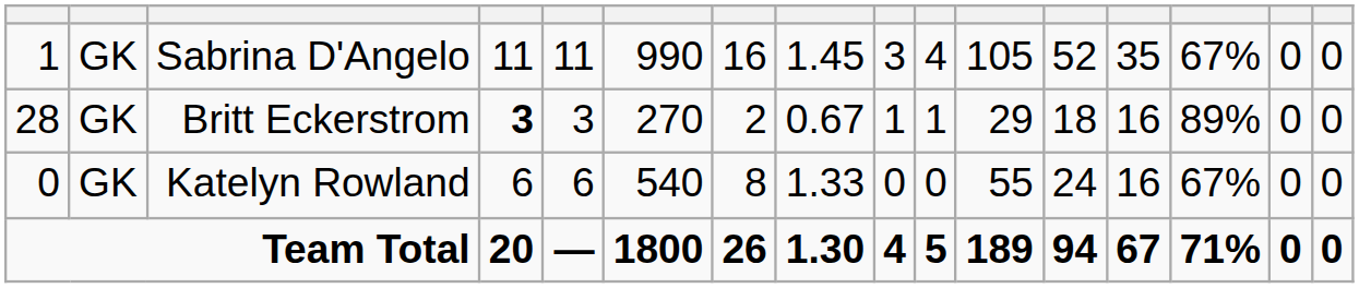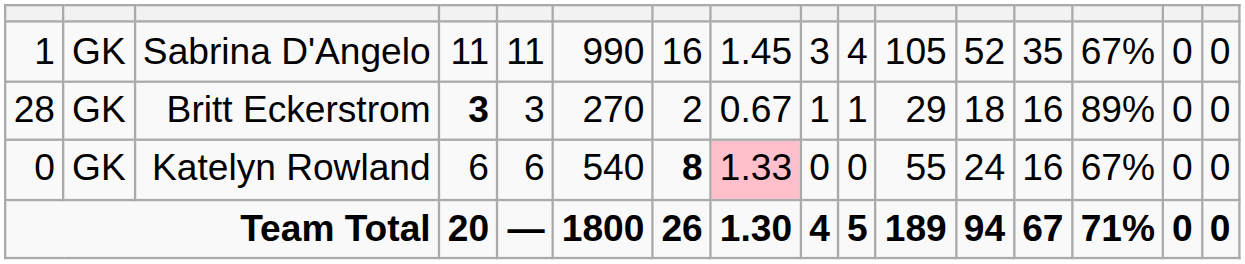 <table class="wikitable sortable" style="text-align:right;">
 <tr>
 <th></th>
 <th></th>
 <th></th>
 <th></th>
 <th></th>
 <th></th>
 <th></th>
 <th></th>
 <th></th>
 <th></th>
 <th></th>
 <th></th>
 <th></th>
 <th></th>
 <th></th>
 <th></th>
 </tr>
 <tr>
 <td>1</td>
 <td>GK</td>
 <td>Sabrina D'Angelo</td>
 <td>11</td>
 <td>11</td>
 <td>990</td>
 <td>16</td>
 <td>1.45</td>
 <td>3</td>
 <td>4</td>
 <td>105</td>
 <td>52</td>
 <td>35</td>
 <td>67%</td>
 <td>0</td>
 <td>0</td>
 </tr>
 <tr>
 <td>28</td>
 <td>GK</td>
 <td>Britt Eckerstrom</td>
 <td><strong>3</strong></td>
 <td>3</td>
 <td>270</td>
 <td>2</td>
 <td>0.67</td>
 <td>1</td>
 <td>1</td>
 <td>29</td>
 <td>18</td>
 <td>16</td>
 <td>89%</td>
 <td>0</td>
 <td>0</td>
 </tr>
 <tr>
 <td>0</td>
 <td>GK</td>
 <td>Katelyn Rowland</td>
 <td>6</td>
 <td>6</td>
 <td>540</td>
-<td>8</td>
-<td>1.33</td>
+<td><strong>8</strong></td>
+<td style="background: pink;">1.33</td>
 <td>0</td>
 <td>0</td>
 <td>55</td>
 <td>24</td>
 <td>16</td>
 <td>67%</td>
 <td>0</td>
 <td>0</td>
 </tr>
 <tr class=sortbottom style="font-weight:bold;">
 <td colspan=3>Team Total</td>
 <td>20</td>
 <td>—</td>
 <td>1800</td>
 <td>26</td>
 <td>1.30</td>
 <td>4</td>
 <td>5</td>
 <td>189</td>
 <td>94</td>
 <td>67</td>
 <td>71%</td>
 <td>0</td>
 <td>0</td>
 </tr>
 </table>
